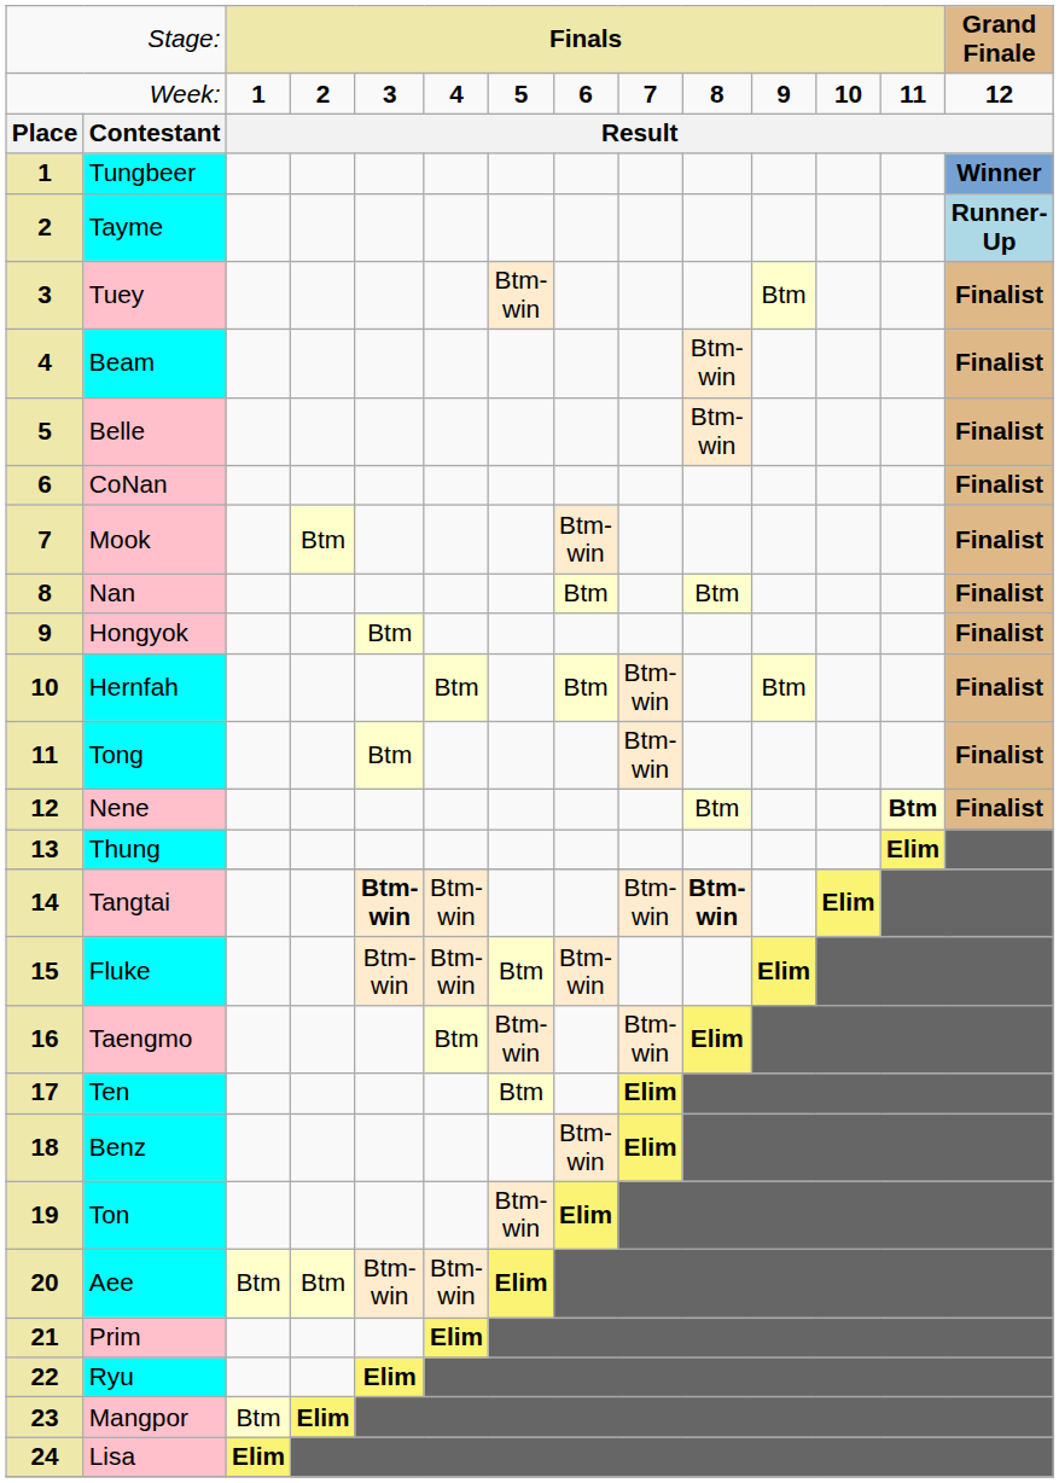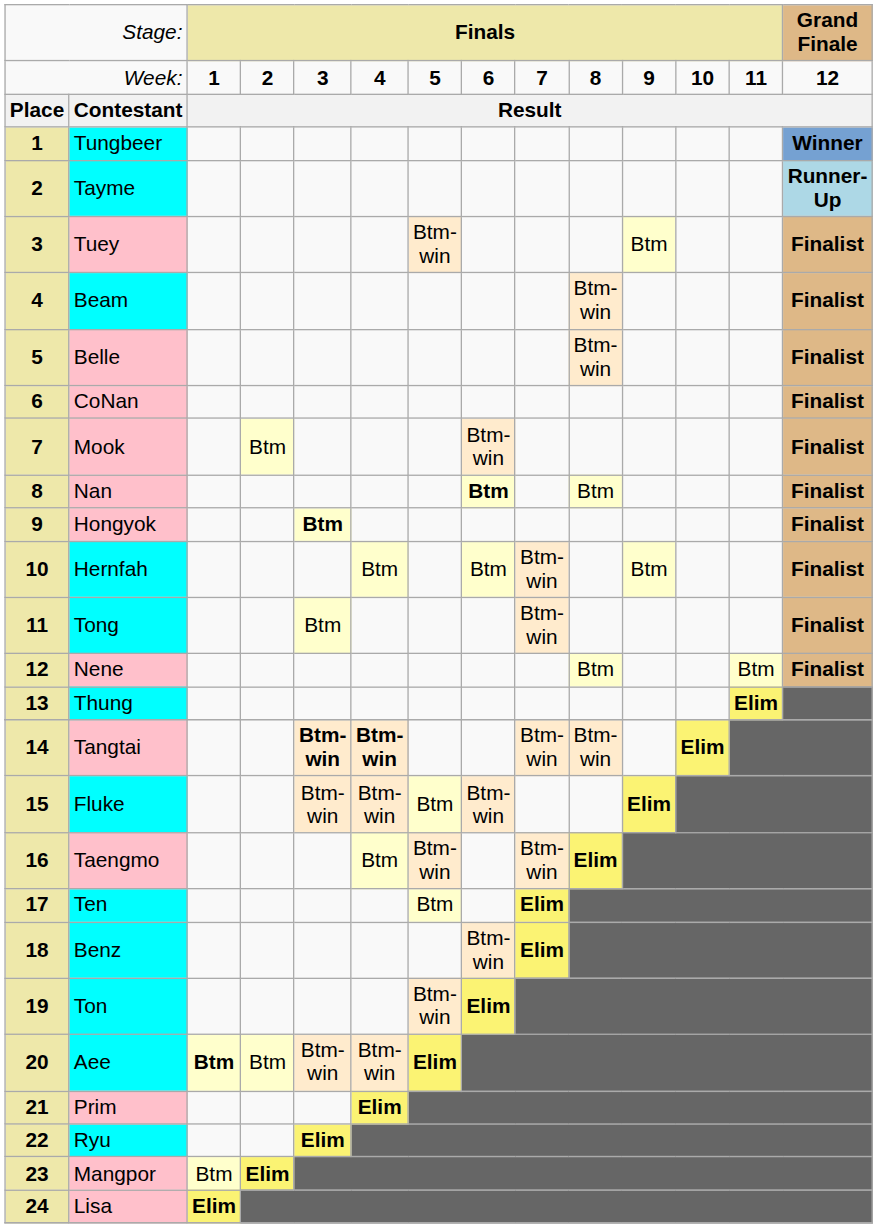 <table class="wikitable" width=40% style="margin:1em auto;">
 <tr>
 <td width=30% colspan="2" align="right"><em>Stage:</em></td>
 <td colspan="11" bgcolor="palegoldenrod" align="Center"><strong>Finals</strong></td>
 <td colspan="1" bgcolor="#DEB887" align="Center"><strong>Grand Finale</strong></td>
 </tr>
 <tr>
 <td colspan="2" align="right"><em>Week:</em></td>
 <td align="center"><strong>1</strong></td>
 <td align="center"><strong>2</strong></td>
 <td align="center"><strong>3</strong></td>
 <td align="center"><strong>4</strong></td>
 <td align="center"><strong>5</strong></td>
 <td align="center"><strong>6</strong></td>
 <td align="center"><strong>7</strong></td>
 <td align="center"><strong>8</strong></td>
 <td align="center"><strong>9</strong></td>
 <td align="center"><strong>10</strong></td>
 <td align="center"><strong>11</strong></td>
 <td align="center"><strong>12</strong></td>
 </tr>
 <tr>
 <th>Place</th>
 <th>Contestant</th>
 <th colspan="12" align="center">Result</th>
 </tr>
 <tr>
 <td align="center" bgcolor="palegoldenrod"><strong>1</strong></td>
 <td bgcolor="cyan">Tungbeer</td>
 <td></td>
 <td></td>
 <td></td>
 <td></td>
 <td></td>
 <td></td>
 <td></td>
 <td></td>
 <td></td>
 <td></td>
 <td></td>
 <td style="background:#75A1D2" width="15%" align="center"><strong>Winner</strong></td>
 </tr>
 <tr>
 <td align="center" bgcolor="palegoldenrod"><strong>2</strong></td>
 <td bgcolor="cyan">Tayme</td>
 <td></td>
 <td></td>
 <td></td>
 <td></td>
 <td></td>
 <td></td>
 <td></td>
 <td></td>
 <td></td>
 <td></td>
 <td></td>
 <td style="background:lightblue" width="15%" align="center"><strong>Runner-Up</strong></td>
 </tr>
 <tr>
 <td align="center" bgcolor="palegoldenrod"><strong>3</strong></td>
 <td bgcolor="pink">Tuey</td>
 <td></td>
 <td></td>
 <td></td>
 <td></td>
 <td bgcolor="FFEBCD" align="center">Btm-win</td>
 <td></td>
 <td></td>
 <td></td>
 <td bgcolor="FFFFCC" align="center">Btm</td>
 <td></td>
 <td></td>
 <td style="background:#DEB887" width="15%" align="center"><strong>Finalist</strong></td>
 </tr>
 <tr>
 <td align="center" bgcolor="palegoldenrod"><strong>4</strong></td>
 <td bgcolor="cyan">Beam</td>
 <td></td>
 <td></td>
 <td></td>
 <td></td>
 <td></td>
 <td></td>
 <td></td>
 <td bgcolor="FFEBCD" align="center">Btm-win</td>
 <td></td>
 <td></td>
 <td></td>
 <td style="background:#DEB887" width="15%" align="center"><strong>Finalist</strong></td>
 </tr>
 <tr>
 <td align="center" bgcolor="palegoldenrod"><strong>5</strong></td>
 <td bgcolor="pink">Belle</td>
 <td></td>
 <td></td>
 <td></td>
 <td></td>
 <td></td>
 <td></td>
 <td></td>
 <td bgcolor="FFEBCD" align="center">Btm-win</td>
 <td></td>
 <td></td>
 <td></td>
 <td style="background:#DEB887" width="15%" align="center"><strong>Finalist</strong></td>
 </tr>
 <tr>
 <td align="center" bgcolor="palegoldenrod"><strong>6</strong></td>
 <td bgcolor="pink">CoNan</td>
 <td></td>
 <td></td>
 <td></td>
 <td></td>
 <td></td>
 <td></td>
 <td></td>
 <td></td>
 <td></td>
 <td></td>
 <td></td>
 <td style="background:#DEB887" width="15%" align="center"><strong>Finalist</strong></td>
 </tr>
 <tr>
 <td align="center" bgcolor="palegoldenrod"><strong>7</strong></td>
 <td bgcolor="pink">Mook</td>
 <td></td>
 <td bgcolor="FFFFCC" align="center">Btm</td>
 <td></td>
 <td></td>
 <td></td>
 <td bgcolor="FFEBCD" align="center">Btm-win</td>
 <td></td>
 <td></td>
 <td></td>
 <td></td>
 <td></td>
 <td style="background:#DEB887" width="15%" align="center"><strong>Finalist</strong></td>
 </tr>
 <tr>
 <td align="center" bgcolor="palegoldenrod"><strong>8</strong></td>
 <td bgcolor="pink">Nan</td>
 <td></td>
 <td></td>
 <td></td>
 <td></td>
 <td></td>
-<td bgcolor="FFFFCC" align="center">Btm</td>
+<td bgcolor="FFFFCC" align="center"><strong>Btm</strong></td>
 <td></td>
 <td bgcolor="FFFFCC" align="center">Btm</td>
 <td></td>
 <td></td>
 <td></td>
 <td style="background:#DEB887" width="15%" align="center"><strong>Finalist</strong></td>
 </tr>
 <tr>
 <td align="center" bgcolor="palegoldenrod"><strong>9</strong></td>
 <td bgcolor="pink">Hongyok</td>
 <td></td>
 <td></td>
-<td bgcolor="FFFFCC" align="center">Btm</td>
+<td bgcolor="FFFFCC" align="center"><strong>Btm</strong></td>
 <td></td>
 <td></td>
 <td></td>
 <td></td>
 <td></td>
 <td></td>
 <td></td>
 <td></td>
 <td style="background:#DEB887" width="15%" align="center"><strong>Finalist</strong></td>
 </tr>
 <tr>
 <td align="center" bgcolor="palegoldenrod"><strong>10</strong></td>
 <td bgcolor="cyan">Hernfah</td>
 <td></td>
 <td></td>
 <td></td>
 <td bgcolor="FFFFCC" align="center">Btm</td>
 <td></td>
 <td bgcolor="FFFFCC" align="center">Btm</td>
 <td bgcolor="FFEBCD" align="center">Btm-win</td>
 <td></td>
 <td bgcolor="FFFFCC" align="center">Btm</td>
 <td></td>
 <td></td>
 <td style="background:#DEB887" width="15%" align="center"><strong>Finalist</strong></td>
 </tr>
 <tr>
 <td align="center" bgcolor="palegoldenrod"><strong>11</strong></td>
 <td bgcolor="cyan">Tong</td>
 <td></td>
 <td></td>
 <td bgcolor="FFFFCC" align="center">Btm</td>
 <td></td>
 <td></td>
 <td></td>
 <td bgcolor="FFEBCD" align="center">Btm-win</td>
 <td></td>
 <td></td>
 <td></td>
 <td></td>
 <td style="background:#DEB887" width="15%" align="center"><strong>Finalist</strong></td>
 </tr>
 <tr>
 <td align="center" bgcolor="palegoldenrod"><strong>12</strong></td>
 <td bgcolor="pink">Nene</td>
 <td></td>
 <td></td>
 <td></td>
 <td></td>
 <td></td>
 <td></td>
 <td></td>
 <td bgcolor="FFFFCC" align="center">Btm</td>
 <td></td>
 <td></td>
-<td bgcolor="FFFFCC" align="center"><strong>Btm</strong></td>
+<td bgcolor="FFFFCC" align="center">Btm</td>
 <td style="background:#DEB887" width="15%" align="center"><strong>Finalist</strong></td>
 </tr>
 <tr>
 <td align="center" bgcolor="palegoldenrod"><strong>13</strong></td>
 <td bgcolor="cyan">Thung</td>
 <td></td>
 <td></td>
 <td></td>
 <td></td>
 <td></td>
 <td></td>
 <td></td>
 <td></td>
 <td></td>
 <td></td>
 <td bgcolor="FBF373" align="center"><strong>Elim</strong></td>
 <td colspan="1" bgcolor="666666"></td>
 </tr>
 <tr>
 </tr>
 <tr>
 <td align="center" bgcolor="palegoldenrod"><strong>14</strong></td>
 <td bgcolor="pink">Tangtai</td>
 <td></td>
 <td></td>
 <td bgcolor="FFEBCD" align="center"><strong>Btm-win</strong></td>
-<td bgcolor="FFEBCD" align="center">Btm-win</td>
+<td bgcolor="FFEBCD" align="center"><strong>Btm-win</strong></td>
 <td></td>
 <td></td>
 <td bgcolor="FFEBCD" align="center">Btm-win</td>
-<td bgcolor="FFEBCD" align="center"><strong>Btm-win</strong></td>
+<td bgcolor="FFEBCD" align="center">Btm-win</td>
 <td></td>
 <td bgcolor="FBF373" align="center"><strong>Elim</strong></td>
 <td colspan="2" bgcolor="666666"></td>
 </tr>
 <tr>
 <td align="center" bgcolor="palegoldenrod"><strong>15</strong></td>
 <td bgcolor="cyan">Fluke</td>
 <td></td>
 <td></td>
 <td bgcolor="FFEBCD" align="center">Btm-win</td>
 <td bgcolor="FFEBCD" align="center">Btm-win</td>
 <td bgcolor="FFFFCC" align="center">Btm</td>
 <td bgcolor="FFEBCD" align="center">Btm-win</td>
 <td></td>
 <td></td>
 <td bgcolor="FBF373" align="center"><strong>Elim</strong></td>
 <td colspan="3" bgcolor="666666"></td>
 </tr>
 <tr>
 <td align="center" bgcolor="palegoldenrod"><strong>16</strong></td>
 <td bgcolor="pink">Taengmo</td>
 <td></td>
 <td></td>
 <td></td>
 <td bgcolor="FFFFCC" align="center">Btm</td>
 <td bgcolor="FFEBCD" align="center">Btm-win</td>
 <td></td>
 <td bgcolor="FFEBCD" align="center">Btm-win</td>
 <td bgcolor="FBF373" align="center"><strong>Elim</strong></td>
 <td colspan="4" bgcolor="666666"></td>
 </tr>
 <tr>
 <td align="center" bgcolor="palegoldenrod"><strong>17</strong></td>
 <td bgcolor="cyan">Ten</td>
 <td></td>
 <td></td>
 <td></td>
 <td></td>
 <td bgcolor="FFFFCC" align="center">Btm</td>
 <td></td>
 <td bgcolor="FBF373" align="center"><strong>Elim</strong></td>
 <td colspan="5" bgcolor="666666"></td>
 </tr>
 <tr>
 <td align="center" bgcolor="palegoldenrod"><strong>18</strong></td>
 <td bgcolor="cyan">Benz</td>
 <td></td>
 <td></td>
 <td></td>
 <td></td>
 <td></td>
 <td bgcolor="FFEBCD" align="center">Btm-win</td>
 <td bgcolor="FBF373" align="center"><strong>Elim</strong></td>
 <td colspan="5" bgcolor="666666"></td>
 </tr>
 <tr>
 <td align="center" bgcolor="palegoldenrod"><strong>19</strong></td>
 <td bgcolor="cyan">Ton</td>
 <td></td>
 <td></td>
 <td></td>
 <td></td>
 <td bgcolor="FFEBCD" align="center">Btm-win</td>
 <td bgcolor="FBF373" align="center"><strong>Elim</strong></td>
 <td colspan="6" bgcolor="666666"></td>
 </tr>
 <tr>
 <td align="center" bgcolor="palegoldenrod"><strong>20</strong></td>
 <td bgcolor="cyan">Aee</td>
-<td bgcolor="FFFFCC" align="center">Btm</td>
+<td bgcolor="FFFFCC" align="center"><strong>Btm</strong></td>
 <td bgcolor="FFFFCC" align="center">Btm</td>
 <td bgcolor="FFEBCD" align="center">Btm-win</td>
 <td bgcolor="FFEBCD" align="center">Btm-win</td>
 <td bgcolor="FBF373" align="center"><strong>Elim</strong></td>
 <td colspan="7" bgcolor="666666"></td>
 </tr>
 <tr>
 <td align="center" bgcolor="palegoldenrod"><strong>21</strong></td>
 <td bgcolor="pink">Prim</td>
 <td></td>
 <td></td>
 <td></td>
 <td bgcolor="FBF373" align="center"><strong>Elim</strong></td>
 <td colspan="8" bgcolor="666666"></td>
 </tr>
 <tr>
 <td align="center" bgcolor="palegoldenrod"><strong>22</strong></td>
 <td bgcolor="cyan">Ryu</td>
 <td></td>
 <td></td>
 <td bgcolor="FBF373" align="center"><strong>Elim</strong></td>
 <td colspan="9" bgcolor="666666"></td>
 </tr>
 <tr>
 <td align="center" bgcolor="palegoldenrod"><strong>23</strong></td>
 <td bgcolor="pink">Mangpor</td>
 <td bgcolor="FFFFCC" align="center">Btm</td>
 <td bgcolor="FBF373" align="center"><strong>Elim</strong></td>
 <td colspan="10" bgcolor="666666"></td>
 </tr>
 <tr>
 <td align="center" bgcolor="palegoldenrod"><strong>24</strong></td>
 <td bgcolor="pink">Lisa</td>
 <td bgcolor="FBF373" align="center"><strong>Elim</strong></td>
 <td colspan="11" bgcolor="666666"></td>
 </tr>
 <tr>
 </tr>
 </table>
